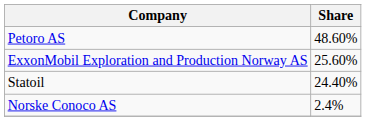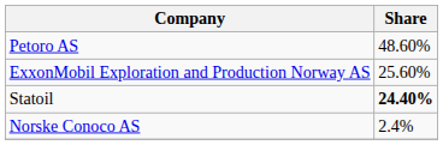 <table class=wikitable>
 <tr>
 <th>Company</th>
 <th>Share</th>
 </tr>
 <tr>
 <td><a href='#'>Petoro AS</a></td>
 <td>48.60%</td>
 </tr>
 <tr>
 <td><a href='#'>ExxonMobil Exploration and Production Norway AS</a></td>
 <td>25.60%</td>
 </tr>
 <tr>
 <td>Statoil</td>
-<td>24.40%</td>
+<td><strong>24.40%</strong></td>
 </tr>
 <tr>
 <td><a href='#'>Norske Conoco AS</a></td>
 <td>2.4%</td>
 </tr>
 <tr>
 </tr>
 </table>
